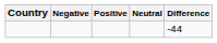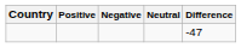 <table class="wikitable sortable" style="border:1px black; margin-left:1em;">
 <tr>
 <th>Country</th>
+<th><small>Positive</small></th>
 <th><small>Negative</small></th>
-<th><small>Positive</small></th>
 <th><small>Neutral</small></th>
 <th><small>Difference</small></th>
 </tr>
 <tr>
 <td></td>
 <td></td>
 <td></td>
 <td></td>
-<td><span>-44</span></td>
+<td><span>-47</span></td>
 </tr>
 </table>
